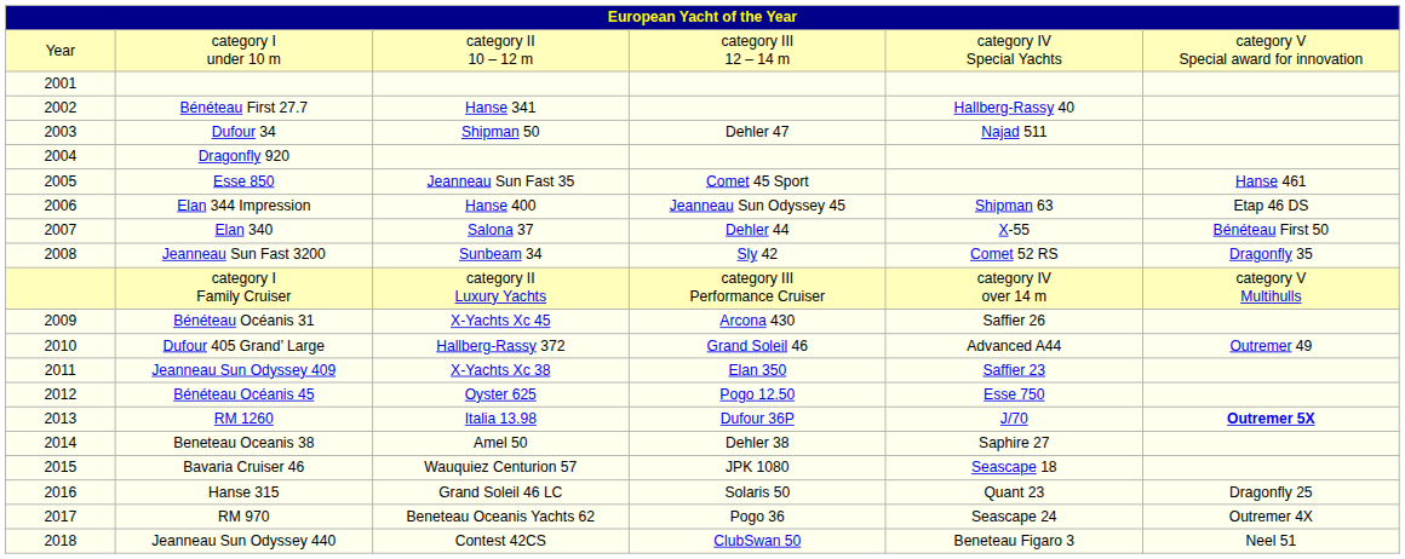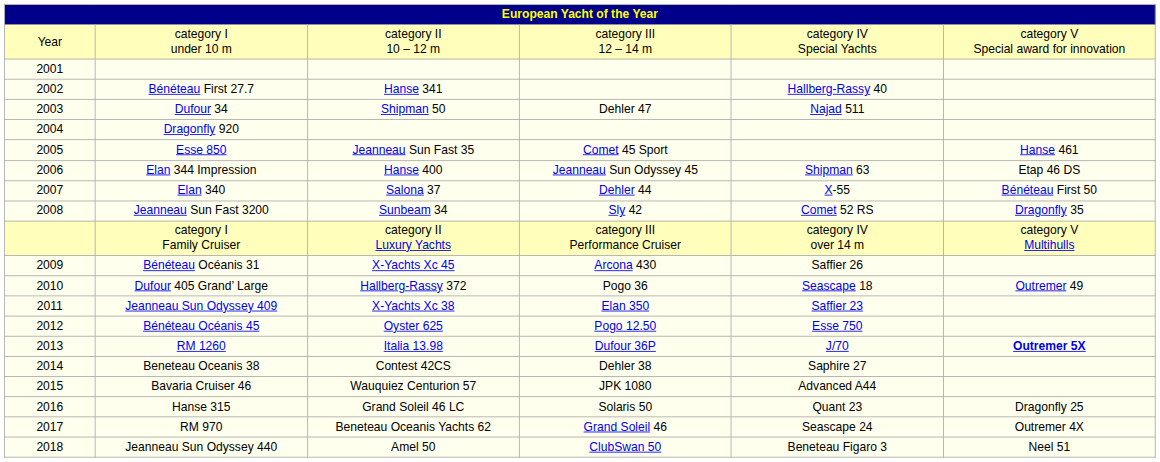 <table class="wikitable" style="text-align:center;font-size:90%;line-height:120%;background:#ffffee">
 <tr>
 <th colspan=6 style="background:#00008B; color:#ffff00"><strong>European Yacht of the Year</strong></th>
 </tr>
 <tr>
 <td rowspan=1 width="6%"  style="background:#ffffbb">Year</td>
 <td rowspan=1 width="14%" style="background:#ffffbb">category I <br>under 10 m</td>
 <td rowspan=1 width="14%" style="background:#ffffbb">category II <br>10 – 12 m</td>
 <td rowspan=1 width="14%" style="background:#ffffbb">category III <br>12 – 14 m</td>
 <td rowspan=1 width="14%" style="background:#ffffbb">category IV <br>Special Yachts</td>
 <td rowspan=1 width="14%" style="background:#ffffbb">category V <br>Special award for innovation</td>
 </tr>
 <tr>
 <td>2001</td>
 <td></td>
 <td></td>
 <td></td>
 <td></td>
 <td></td>
 </tr>
 <tr>
 <td>2002</td>
 <td><a href='#'>Bénéteau</a> First 27.7</td>
 <td><a href='#'>Hanse</a> 341</td>
 <td></td>
 <td><a href='#'>Hallberg-Rassy</a> 40</td>
 <td></td>
 </tr>
 <tr>
 <td>2003</td>
 <td><a href='#'>Dufour</a> 34</td>
 <td><a href='#'>Shipman</a> 50</td>
 <td>Dehler 47</td>
 <td><a href='#'>Najad</a> 511</td>
 <td></td>
 </tr>
 <tr>
 <td>2004</td>
 <td><a href='#'>Dragonfly</a> 920</td>
 <td></td>
 <td></td>
 <td></td>
 <td></td>
 </tr>
 <tr>
 <td>2005</td>
 <td><a href='#'>Esse 850</a></td>
 <td><a href='#'>Jeanneau</a> Sun Fast 35</td>
 <td><a href='#'>Comet</a> 45 Sport</td>
 <td></td>
 <td><a href='#'>Hanse</a> 461</td>
 </tr>
 <tr>
 <td>2006</td>
 <td><a href='#'>Elan</a> 344 Impression</td>
 <td><a href='#'>Hanse</a> 400</td>
 <td><a href='#'>Jeanneau</a> Sun Odyssey 45</td>
 <td><a href='#'>Shipman</a> 63</td>
 <td>Etap 46 DS</td>
 </tr>
 <tr>
 <td>2007</td>
 <td><a href='#'>Elan</a> 340</td>
 <td><a href='#'>Salona</a> 37</td>
 <td><a href='#'>Dehler</a> 44</td>
 <td><a href='#'>X</a>-55</td>
 <td><a href='#'>Bénéteau</a> First 50</td>
 </tr>
 <tr>
 <td>2008</td>
 <td><a href='#'>Jeanneau</a> Sun Fast 3200</td>
 <td><a href='#'>Sunbeam</a> 34</td>
 <td><a href='#'>Sly</a> 42</td>
 <td><a href='#'>Comet</a> 52 RS</td>
 <td><a href='#'>Dragonfly</a> 35</td>
 </tr>
 <tr>
 <td rowspan=1 width="6%"  style="background:#ffffbb"></td>
 <td rowspan=1 width="14%" style="background:#ffffbb">category I <br>Family Cruiser</td>
 <td rowspan=1 width="14%" style="background:#ffffbb">category II <br><a href='#'>Luxury Yachts</a></td>
 <td rowspan=1 width="14%" style="background:#ffffbb">category III <br>Performance Cruiser</td>
 <td rowspan=1 width="14%" style="background:#ffffbb">category IV <br>over 14 m</td>
 <td rowspan=1 width="14%" style="background:#ffffbb">category V <br><a href='#'>Multihulls</a></td>
 </tr>
 <tr>
 <td>2009</td>
 <td><a href='#'>Bénéteau</a> Océanis 31</td>
 <td><a href='#'>X-Yachts Xc 45</a></td>
 <td><a href='#'>Arcona</a> 430</td>
 <td>Saffier 26</td>
 <td></td>
 </tr>
 <tr>
 <td>2010</td>
 <td><a href='#'>Dufour</a> 405 Grand’ Large</td>
 <td><a href='#'>Hallberg-Rassy</a> 372</td>
-<td><a href='#'>Grand Soleil</a> 46</td>
-<td>Advanced A44</td>
+<td>Pogo 36</td>
+<td><a href='#'>Seascape</a> 18</td>
 <td><a href='#'>Outremer</a> 49</td>
 </tr>
 <tr>
 <td>2011</td>
 <td><a href='#'>Jeanneau Sun Odyssey 409</a></td>
 <td><a href='#'>X-Yachts Xc 38</a></td>
 <td><a href='#'>Elan 350</a></td>
 <td><a href='#'>Saffier 23</a></td>
 <td></td>
 </tr>
 <tr>
 <td>2012</td>
 <td><a href='#'>Bénéteau Océanis 45</a></td>
 <td><a href='#'>Oyster 625</a></td>
 <td><a href='#'>Pogo 12.50</a></td>
 <td><a href='#'>Esse 750</a></td>
 <td></td>
 </tr>
 <tr>
 <td>2013</td>
 <td><a href='#'>RM 1260</a></td>
 <td><a href='#'>Italia 13.98</a></td>
 <td><a href='#'>Dufour 36P</a></td>
 <td><a href='#'>J/70</a></td>
 <td><strong><a href='#'>Outremer 5X</a></strong></td>
 </tr>
 <tr>
 <td>2014</td>
 <td>Beneteau Oceanis 38</td>
-<td>Amel 50</td>
+<td>Contest 42CS</td>
 <td>Dehler 38</td>
 <td>Saphire 27</td>
 <td></td>
 </tr>
 <tr>
 <td>2015</td>
 <td>Bavaria Cruiser 46</td>
 <td>Wauquiez Centurion 57</td>
 <td>JPK 1080</td>
-<td><a href='#'>Seascape</a> 18</td>
+<td>Advanced A44</td>
 <td></td>
 </tr>
 <tr>
 <td>2016</td>
 <td>Hanse 315</td>
 <td>Grand Soleil 46 LC</td>
 <td>Solaris 50</td>
 <td>Quant 23</td>
 <td>Dragonfly 25</td>
 </tr>
 <tr>
 <td>2017</td>
 <td>RM 970</td>
 <td>Beneteau Oceanis Yachts 62</td>
-<td>Pogo 36</td>
+<td><a href='#'>Grand Soleil</a> 46</td>
 <td>Seascape 24</td>
 <td>Outremer 4X</td>
 </tr>
 <tr>
 <td>2018</td>
 <td>Jeanneau Sun Odyssey 440</td>
-<td>Contest 42CS</td>
+<td>Amel 50</td>
 <td><a href='#'>ClubSwan 50</a></td>
 <td>Beneteau Figaro 3</td>
 <td>Neel 51</td>
 </tr>
 </table>
